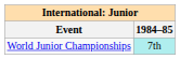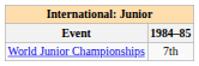 <table class="wikitable" style="text-align:center">
 <tr>
 <th colspan="2" style="background-color: #ffdead; " align="center">International: Junior</th>
 </tr>
 <tr>
 <th>Event</th>
 <th>1984–85</th>
 </tr>
 <tr>
 <td align=left><a href='#'>World Junior Championships</a></td>
-<td style="background: paleturquoise;">7th</td>
+<td>7th</td>
 </tr>
 </table>
